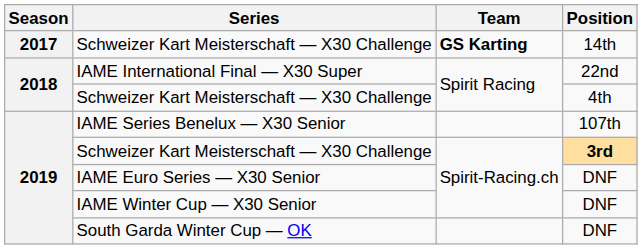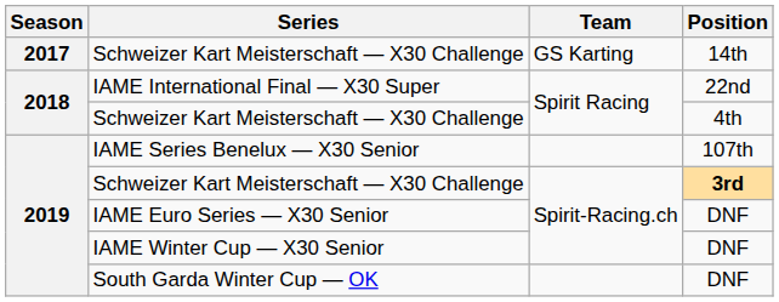 <table class="wikitable" style="font-size: 85%; text-align:center">
 <tr>
 <th>Season</th>
 <th>Series</th>
 <th>Team</th>
 <th>Position</th>
 </tr>
 <tr>
 <th>2017</th>
 <td align="left">Schweizer Kart Meisterschaft — X30 Challenge</td>
-<td align="left"><strong>GS Karting</strong></td>
+<td align="left">GS Karting</td>
 <td>14th</td>
 </tr>
 <tr>
 <th rowspan="2">2018</th>
 <td align="left">IAME International Final — X30 Super</td>
 <td rowspan="2" align="left">Spirit Racing</td>
 <td>22nd</td>
 </tr>
 <tr>
 <td align="left">Schweizer Kart Meisterschaft — X30 Challenge</td>
 <td>4th</td>
 </tr>
 <tr>
 <th rowspan="5">2019</th>
 <td align="left">IAME Series Benelux — X30 Senior</td>
 <td align="left"></td>
 <td>107th</td>
 </tr>
 <tr>
 <td align="left">Schweizer Kart Meisterschaft — X30 Challenge</td>
 <td rowspan="3" align="left">Spirit-Racing.ch</td>
 <td style="background:#FFDF9F;"><strong>3rd</strong></td>
 </tr>
 <tr>
 <td align="left">IAME Euro Series — X30 Senior</td>
 <td>DNF</td>
 </tr>
 <tr>
 <td align="left">IAME Winter Cup — X30 Senior</td>
 <td>DNF</td>
 </tr>
 <tr>
 <td align="left">South Garda Winter Cup — <a href='#'>OK</a></td>
 <td align="left"></td>
 <td>DNF</td>
 </tr>
 </table>
